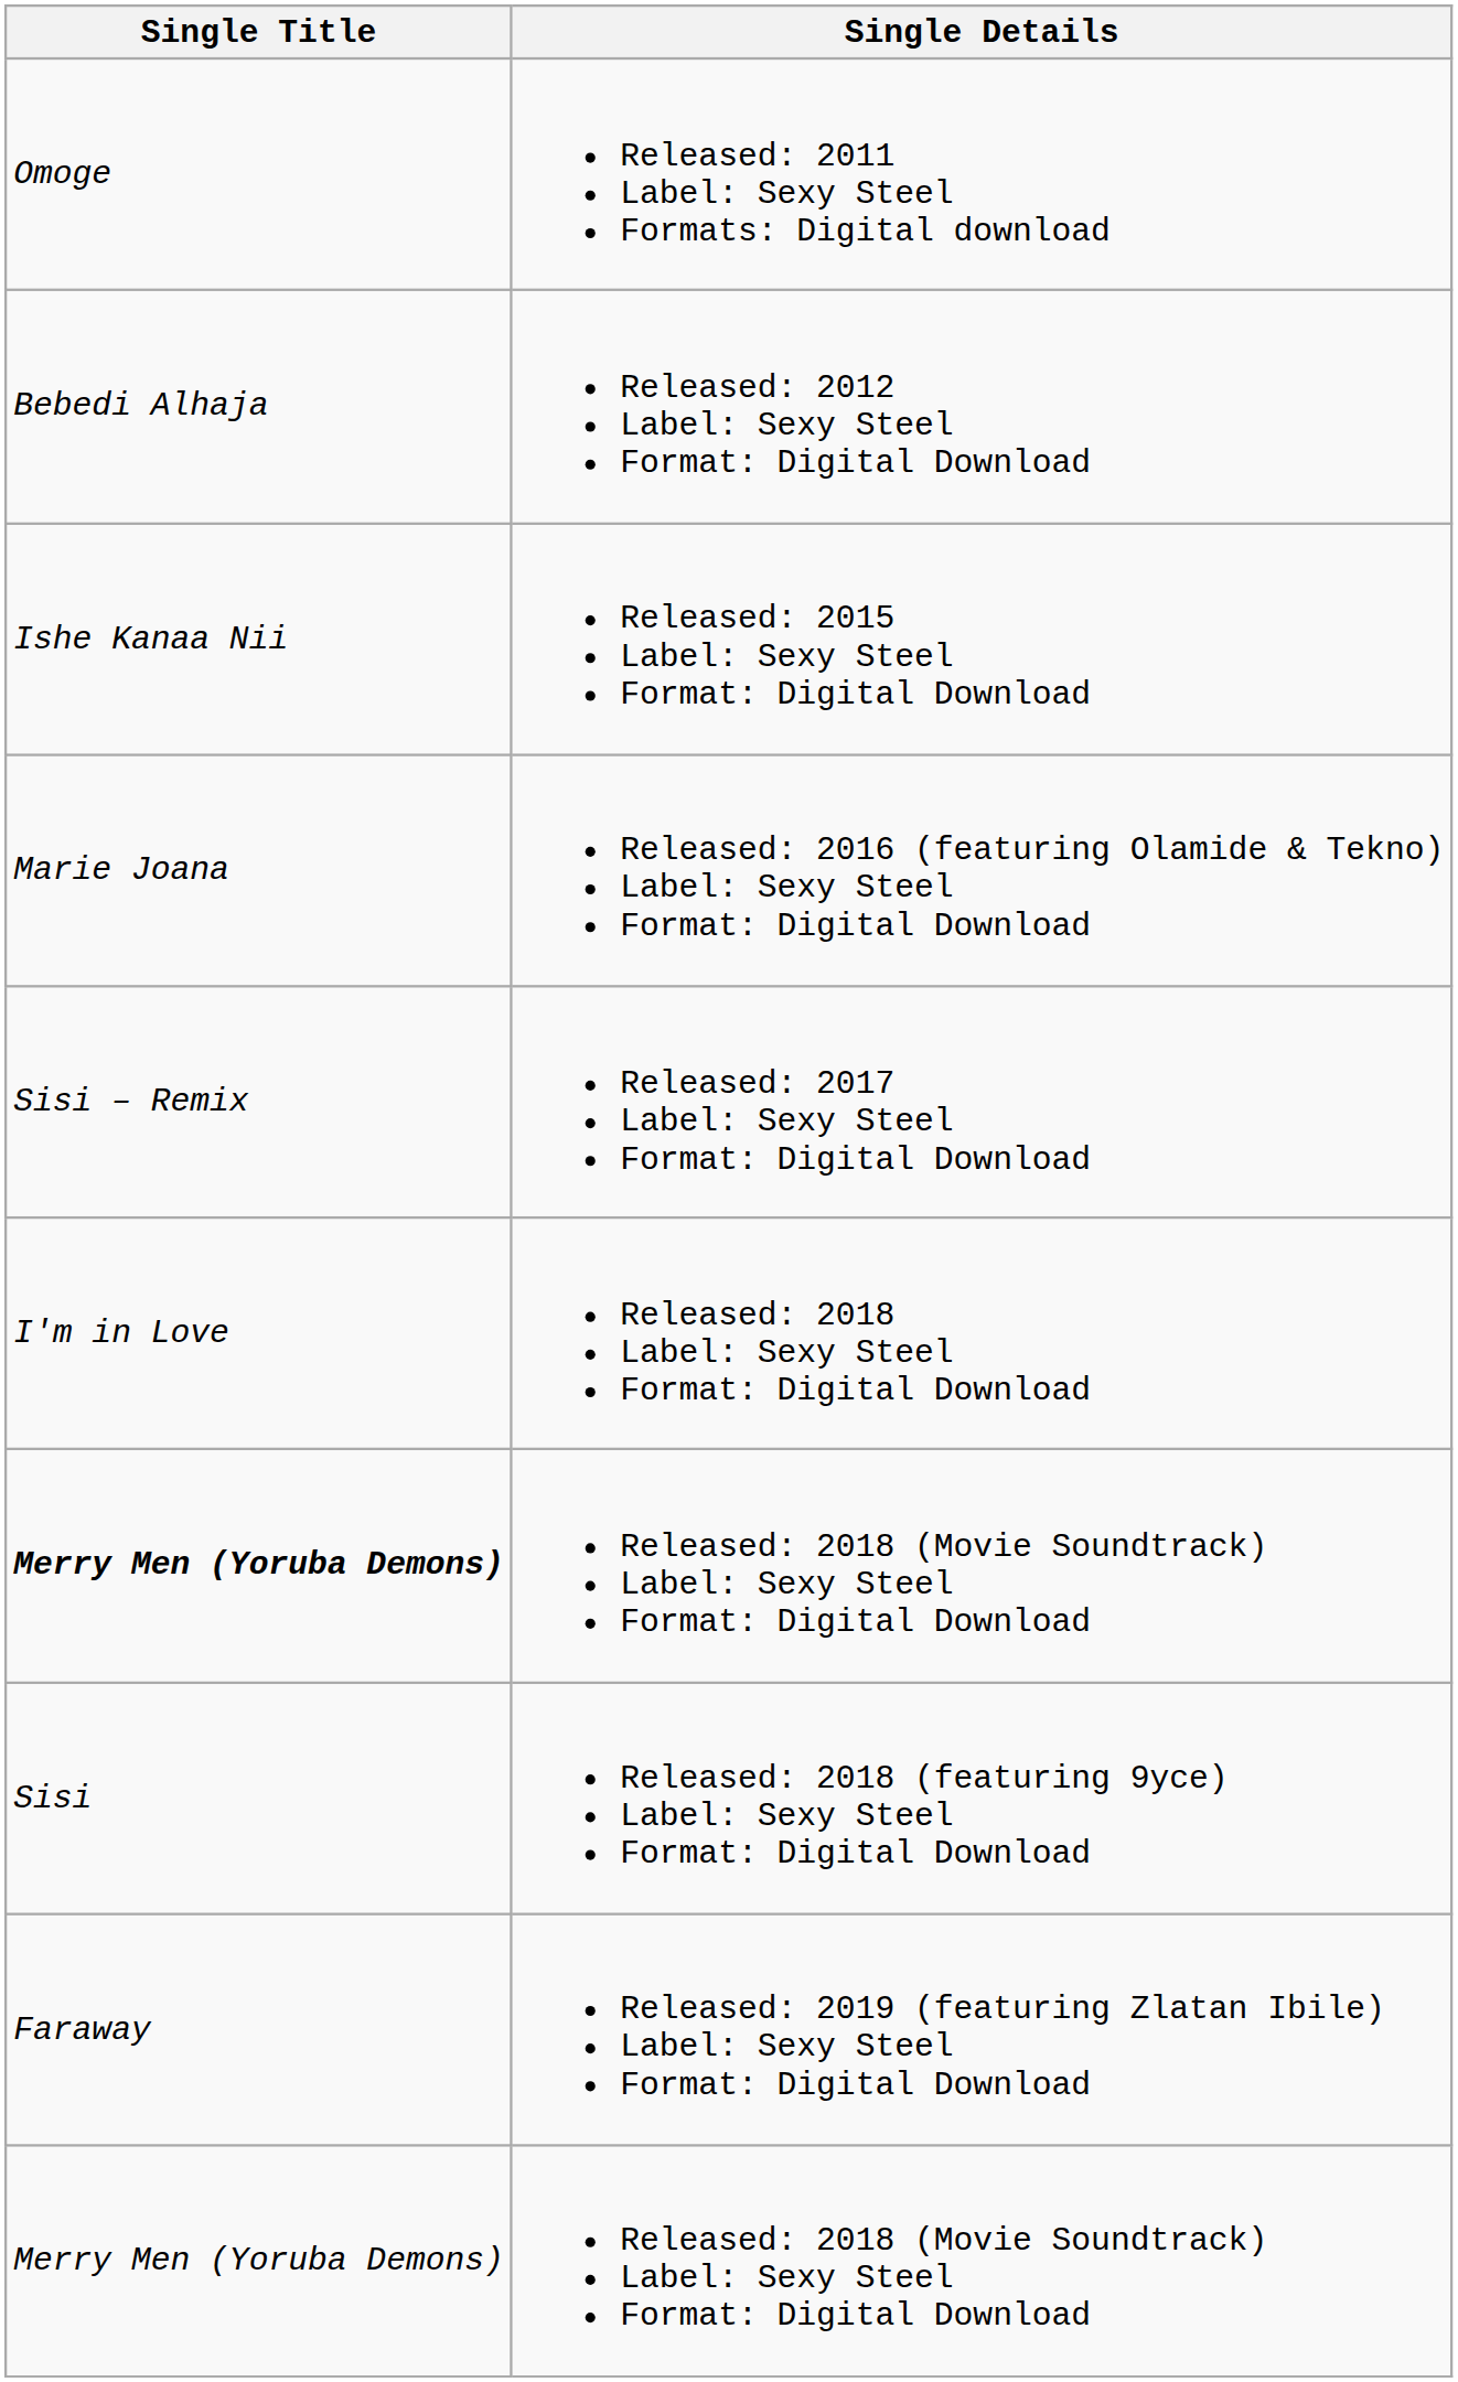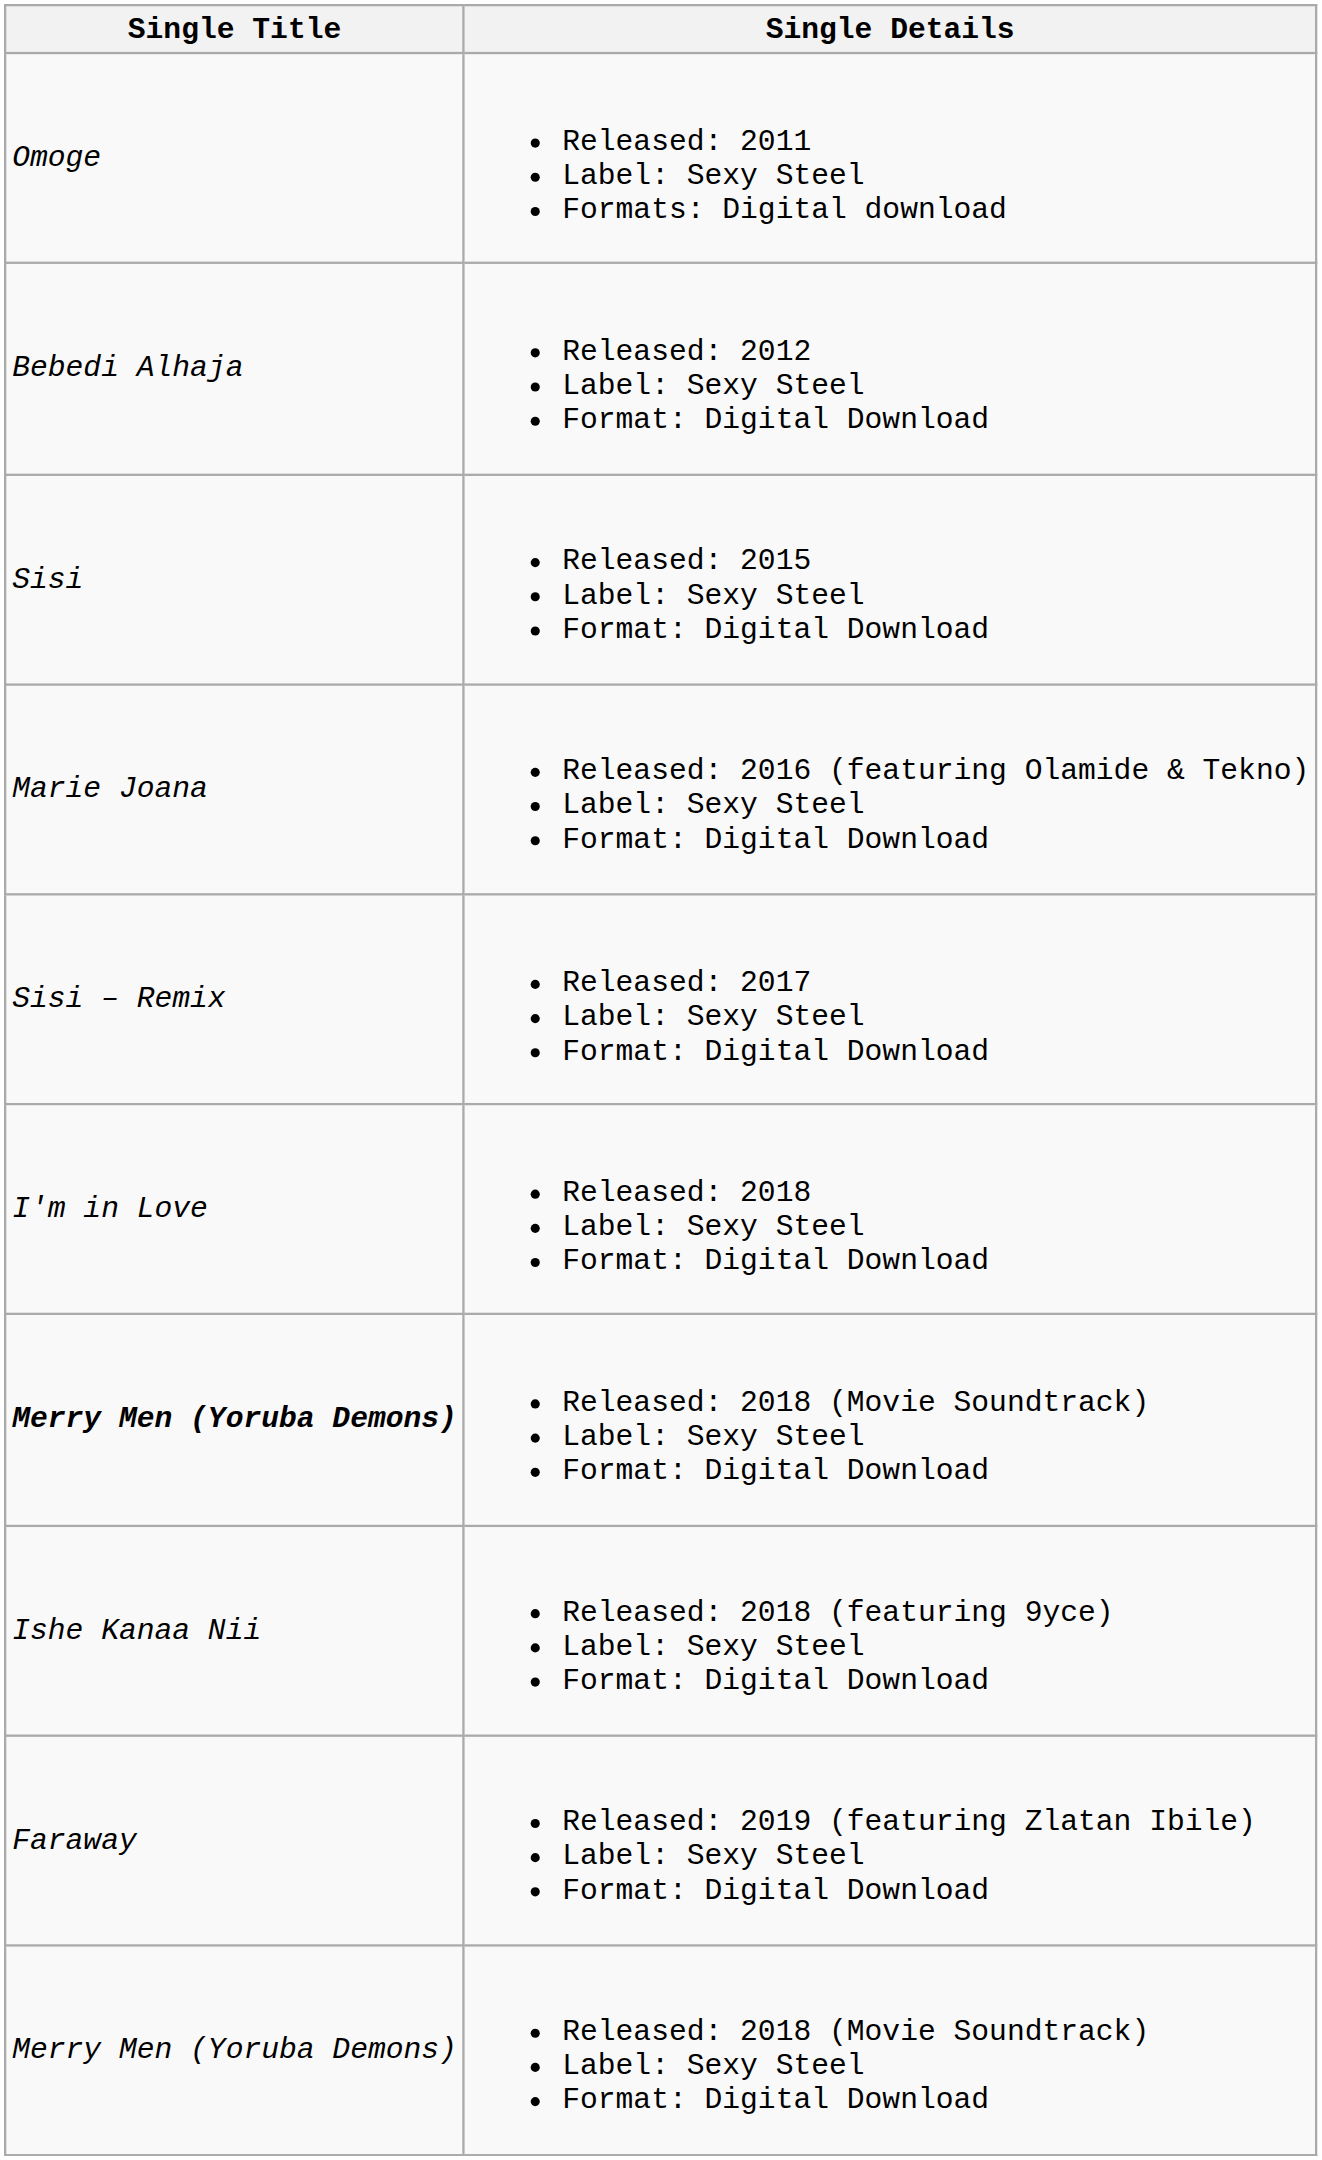 <table class="wikitable">
 <tr>
 <th>Single Title</th>
 <th>Single Details</th>
 </tr>
 <tr>
 <td><em>Omoge</em></td>
 <td><br><ul><li>Released: 2011</li><li>Label: Sexy Steel</li><li>Formats: Digital download</li></ul></td>
 </tr>
 <tr>
 <td><em>Bebedi Alhaja</em></td>
 <td><br><ul><li>Released: 2012</li><li>Label: Sexy Steel</li><li>Format: Digital Download</li></ul></td>
 </tr>
 <tr>
-<td><em>Ishe Kanaa Nii</em></td>
+<td><em>Sisi</em></td>
 <td><br><ul><li>Released: 2015</li><li>Label: Sexy Steel</li><li>Format: Digital Download</li></ul></td>
 </tr>
 <tr>
 <td><em>Marie Joana</em></td>
 <td><br><ul><li>Released: 2016 (featuring Olamide & Tekno)</li><li>Label: Sexy Steel</li><li>Format: Digital Download</li></ul></td>
 </tr>
 <tr>
 <td><em>Sisi – Remix</em></td>
 <td><br><ul><li>Released: 2017</li><li>Label: Sexy Steel</li><li>Format: Digital Download</li></ul></td>
 </tr>
 <tr>
 <td><em>I'm in Love</em></td>
 <td><br><ul><li>Released: 2018</li><li>Label: Sexy Steel</li><li>Format: Digital Download</li></ul></td>
 </tr>
 <tr>
 <td><strong><em>Merry Men (Yoruba Demons)</em></strong></td>
 <td><br><ul><li>Released: 2018 (Movie Soundtrack)</li><li>Label: Sexy Steel</li><li>Format: Digital Download</li></ul></td>
 </tr>
 <tr>
-<td><em>Sisi</em></td>
+<td><em>Ishe Kanaa Nii</em></td>
 <td><br><ul><li>Released: 2018 (featuring 9yce)</li><li>Label: Sexy Steel</li><li>Format: Digital Download</li></ul></td>
 </tr>
 <tr>
 <td><em>Faraway</em></td>
 <td><br><ul><li>Released: 2019 (featuring Zlatan Ibile)</li><li>Label: Sexy Steel</li><li>Format: Digital Download</li></ul></td>
 </tr>
 <tr>
 <td><em>Merry Men (Yoruba Demons)</em></td>
 <td><br><ul><li>Released: 2018 (Movie Soundtrack)</li><li>Label: Sexy Steel</li><li>Format: Digital Download</li></ul></td>
 </tr>
 </table>
